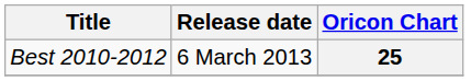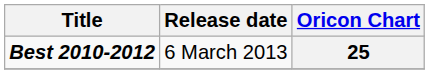 <table class="wikitable">
 <tr>
 <th>Title</th>
 <th>Release date</th>
 <th><a href='#'>Oricon Chart</a></th>
 </tr>
 <tr>
-<td><em>Best 2010-2012</em></td>
+<td><strong><em>Best 2010-2012</em></strong></td>
 <td>6 March 2013</td>
 <th>25</th>
 </tr>
 <tr>
 </tr>
 </table>
